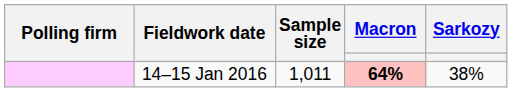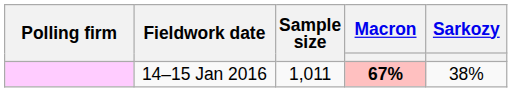 <table class="wikitable sortable" style="text-align:center;font-size:90%;line-height:14px;">
 <tr style="height:40px;">
 <th style="width:100px;" rowspan="2">Polling firm</th>
 <th style="width:110px;" rowspan="2">Fieldwork date</th>
 <th style="width:35px;" rowspan="2">Sample<br>size</th>
 <th class="unsortable" style="width:60px;"><a href='#'>Macron</a><br></th>
 <th class="unsortable" style="width:60px;"><a href='#'>Sarkozy</a><br></th>
 </tr>
 <tr>
 <th style="background:"></th>
 <th style="background:"></th>
 </tr>
 <tr>
 <td style="background:#FFCCFF;"></td>
 <td data-sort-value="2016-01-15">14–15 Jan 2016</td>
 <td>1,011</td>
-<td style="background:#FFC0C0;"><strong>64%</strong></td>
+<td style="background:#FFC0C0;"><strong>67%</strong></td>
 <td>38%</td>
 </tr>
 </table>
